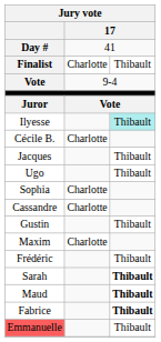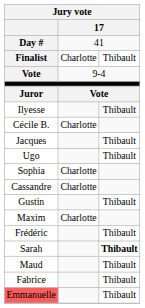 <table class="wikitable" style="text-align:center">
 <tr>
 <th colspan=3>Jury vote</th>
 </tr>
 <tr>
 <th></th>
 <th colspan="2">17</th>
 </tr>
 <tr>
 <th>Day #</th>
 <td colspan="2">41</td>
 </tr>
 <tr>
 <th>Finalist</th>
 <td bgcolor="white">Charlotte</td>
 <td bgcolor="white">Thibault</td>
 </tr>
 <tr>
 <th>Vote</th>
 <td colspan=2>9-4</td>
 </tr>
 <tr>
 <td colspan=13 bgcolor=black></td>
 </tr>
 <tr>
 <th>Juror</th>
 <th colspan=2>Vote</th>
 </tr>
 <tr>
 <td bgcolor="white">Ilyesse</td>
 <td></td>
-<td style="background: paleturquoise;">Thibault</td>
+<td>Thibault</td>
 </tr>
 <tr>
 <td bgcolor="white">Cécile B.</td>
 <td bgcolor="white">Charlotte</td>
 <td></td>
 </tr>
 <tr>
 <td bgcolor="white">Jacques</td>
 <td></td>
 <td bgcolor="white">Thibault</td>
 </tr>
 <tr>
 <td bgcolor="white">Ugo</td>
 <td></td>
 <td bgcolor="white">Thibault</td>
 </tr>
 <tr>
 <td bgcolor="white">Sophia</td>
 <td bgcolor="white">Charlotte</td>
 <td></td>
 </tr>
 <tr>
 <td bgcolor="white">Cassandre</td>
 <td bgcolor="white">Charlotte</td>
 <td></td>
 </tr>
 <tr>
 <td bgcolor="white">Gustin</td>
 <td></td>
 <td bgcolor="white">Thibault</td>
 </tr>
 <tr>
 <td bgcolor="white">Maxim</td>
 <td bgcolor="white">Charlotte</td>
 <td></td>
 </tr>
 <tr>
 <td bgcolor="white">Frédéric</td>
 <td></td>
 <td bgcolor="white">Thibault</td>
 </tr>
 <tr>
 <td bgcolor="white">Sarah</td>
 <td></td>
 <td bgcolor="white"><strong>Thibault</strong></td>
 </tr>
 <tr>
 <td bgcolor="white">Maud</td>
 <td></td>
-<td bgcolor="white"><strong>Thibault</strong></td>
+<td bgcolor="white">Thibault</td>
 </tr>
 <tr>
 <td bgcolor="white">Fabrice</td>
 <td></td>
-<td bgcolor="white"><strong>Thibault</strong></td>
+<td bgcolor="white">Thibault</td>
 </tr>
 <tr>
 <td bgcolor="fc5d5d">Emmanuelle</td>
 <td></td>
 <td bgcolor="white">Thibault</td>
 </tr>
 <tr>
 </tr>
 </table>
